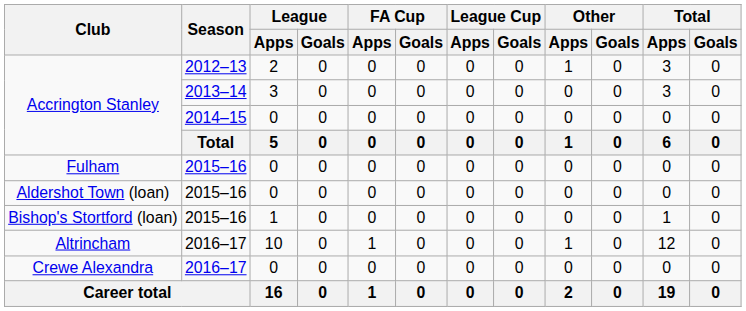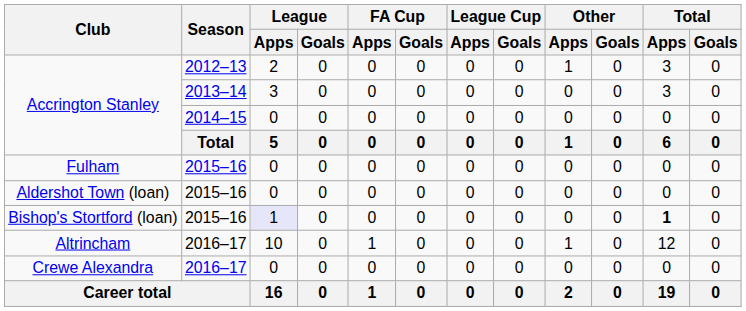 <table class="wikitable" style="text-align: center;">
 <tr>
 <th rowspan="2">Club</th>
 <th rowspan="2">Season</th>
 <th colspan="2">League</th>
 <th colspan="2">FA Cup</th>
 <th colspan="2">League Cup</th>
 <th colspan="2">Other</th>
 <th colspan="2">Total</th>
 </tr>
 <tr>
 <th>Apps</th>
 <th>Goals</th>
 <th>Apps</th>
 <th>Goals</th>
 <th>Apps</th>
 <th>Goals</th>
 <th>Apps</th>
 <th>Goals</th>
 <th>Apps</th>
 <th>Goals</th>
 </tr>
 <tr>
 <td rowspan="4" valign="center"><a href='#'>Accrington Stanley</a></td>
 <td><a href='#'>2012–13</a></td>
 <td>2</td>
 <td>0</td>
 <td>0</td>
 <td>0</td>
 <td>0</td>
 <td>0</td>
 <td>1</td>
 <td>0</td>
 <td>3</td>
 <td>0</td>
 </tr>
 <tr>
 <td><a href='#'>2013–14</a></td>
 <td>3</td>
 <td>0</td>
 <td>0</td>
 <td>0</td>
 <td>0</td>
 <td>0</td>
 <td>0</td>
 <td>0</td>
 <td>3</td>
 <td>0</td>
 </tr>
 <tr>
 <td><a href='#'>2014–15</a></td>
 <td>0</td>
 <td>0</td>
 <td>0</td>
 <td>0</td>
 <td>0</td>
 <td>0</td>
 <td>0</td>
 <td>0</td>
 <td>0</td>
 <td>0</td>
 </tr>
 <tr>
 <th>Total</th>
 <th>5</th>
 <th>0</th>
 <th>0</th>
 <th>0</th>
 <th>0</th>
 <th>0</th>
 <th>1</th>
 <th>0</th>
 <th>6</th>
 <th>0</th>
 </tr>
 <tr>
 <td rowspan="1" valign="center"><a href='#'>Fulham</a></td>
 <td><a href='#'>2015–16</a></td>
 <td>0</td>
 <td>0</td>
 <td>0</td>
 <td>0</td>
 <td>0</td>
 <td>0</td>
 <td>0</td>
 <td>0</td>
 <td>0</td>
 <td>0</td>
 </tr>
 <tr>
 <td rowspan="1" valign="center"><a href='#'>Aldershot Town</a> (loan)</td>
 <td>2015–16</td>
 <td>0</td>
 <td>0</td>
 <td>0</td>
 <td>0</td>
 <td>0</td>
 <td>0</td>
 <td>0</td>
 <td>0</td>
 <td>0</td>
 <td>0</td>
 </tr>
 <tr>
 <td rowspan="1" valign="center"><a href='#'>Bishop's Stortford</a> (loan)</td>
 <td>2015–16</td>
-<td>1</td>
+<td style="background: lavender;">1</td>
 <td>0</td>
 <td>0</td>
 <td>0</td>
 <td>0</td>
 <td>0</td>
 <td>0</td>
 <td>0</td>
-<td>1</td>
+<td><strong>1</strong></td>
 <td>0</td>
 </tr>
 <tr>
 <td rowspan="1" valign="center"><a href='#'>Altrincham</a></td>
 <td>2016–17</td>
 <td>10</td>
 <td>0</td>
 <td>1</td>
 <td>0</td>
 <td>0</td>
 <td>0</td>
 <td>1</td>
 <td>0</td>
 <td>12</td>
 <td>0</td>
 </tr>
 <tr>
 <td rowspan="1" valign="center"><a href='#'>Crewe Alexandra</a></td>
 <td><a href='#'>2016–17</a></td>
 <td>0</td>
 <td>0</td>
 <td>0</td>
 <td>0</td>
 <td>0</td>
 <td>0</td>
 <td>0</td>
 <td>0</td>
 <td>0</td>
 <td>0</td>
 </tr>
 <tr>
 <th colspan="2">Career total</th>
 <th>16</th>
 <th>0</th>
 <th>1</th>
 <th>0</th>
 <th>0</th>
 <th>0</th>
 <th>2</th>
 <th>0</th>
 <th>19</th>
 <th>0</th>
 </tr>
 </table>
